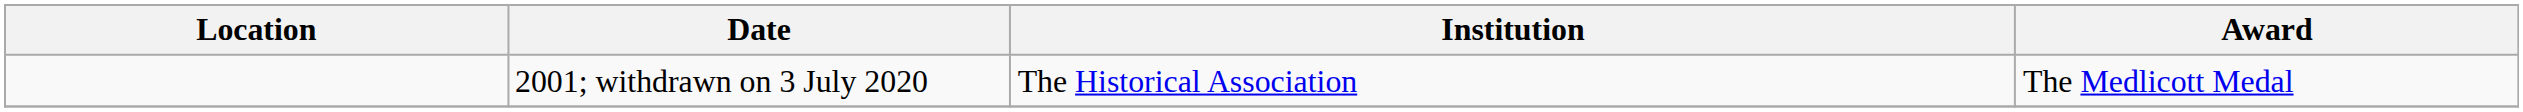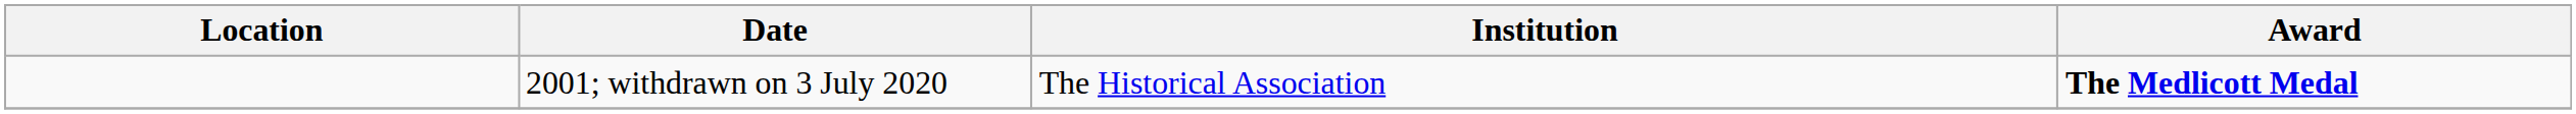 <table class="wikitable" style="width:100%;">
 <tr>
 <th style="width:20%;">Location</th>
 <th style="width:20%;">Date</th>
 <th style="width:40%;">Institution</th>
 <th style="width:20%;">Award</th>
 </tr>
 <tr>
 <td></td>
 <td>2001; withdrawn on 3 July 2020</td>
 <td>The <a href='#'>Historical Association</a></td>
-<td>The <a href='#'>Medlicott Medal</a></td>
+<td><strong>The <a href='#'>Medlicott Medal</a></strong></td>
 </tr>
 <tr>
 </tr>
 </table>
